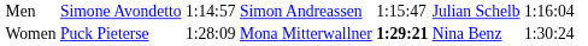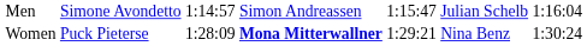 <table>
 <tr>
 <td align="left">Men</td>
 <td> <a href='#'>Simone Avondetto</a></td>
 <td>1:14:57</td>
 <td> <a href='#'>Simon Andreassen</a></td>
 <td>1:15:47</td>
 <td> <a href='#'>Julian Schelb</a></td>
 <td>1:16:04</td>
 </tr>
 <tr>
 <td align="left">Women</td>
 <td> <a href='#'>Puck Pieterse</a></td>
 <td>1:28:09</td>
-<td> <a href='#'>Mona Mitterwallner</a></td>
-<td><strong>1:29:21</strong></td>
+<td><strong> <a href='#'>Mona Mitterwallner</a></strong></td>
+<td>1:29:21</td>
 <td> <a href='#'>Nina Benz</a></td>
 <td>1:30:24</td>
 </tr>
 </table>
